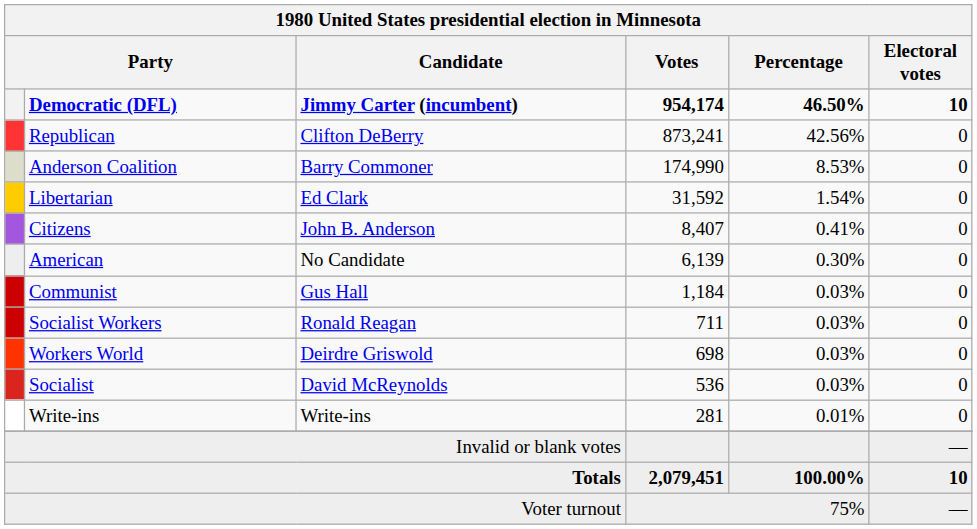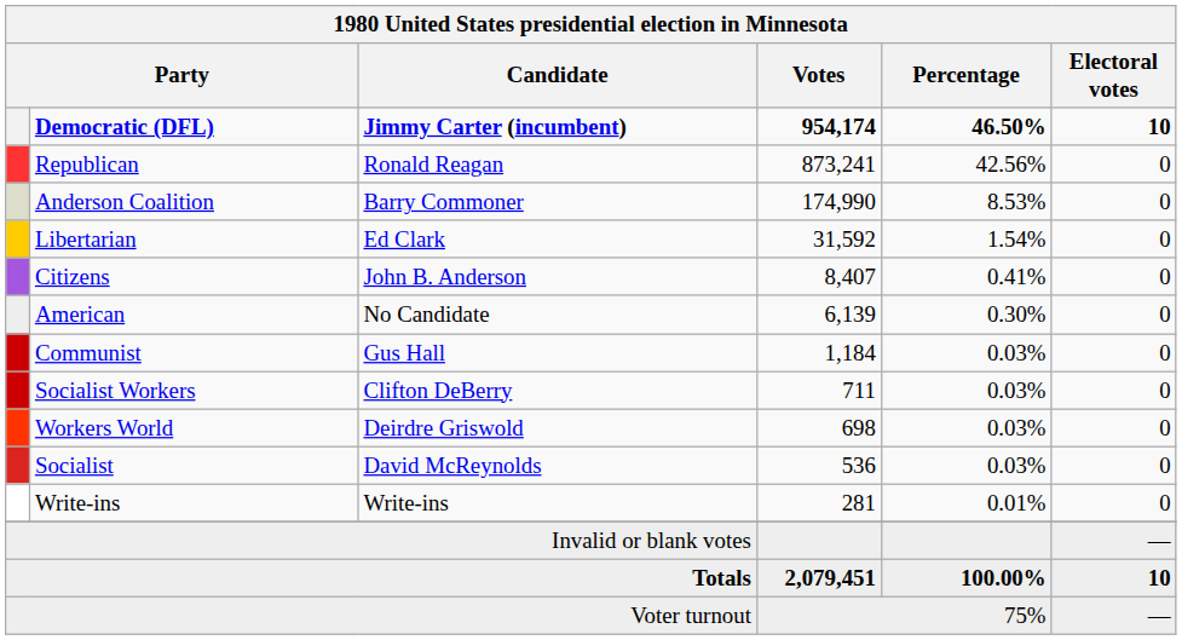 <table class="wikitable" style="font-size: 95%;">
 <tr>
 <th colspan="6">1980 United States presidential election in Minnesota</th>
 </tr>
 <tr>
 <th colspan="2" style="width: 15em">Party</th>
 <th style="width: 17em">Candidate</th>
 <th style="width: 5em">Votes</th>
 <th style="width: 7em">Percentage</th>
 <th style="width: 5em">Electoral votes</th>
 </tr>
 <tr>
 <th style="background-color:"></th>
 <td style="width: 130px"><strong><a href='#'>Democratic (DFL)</a></strong></td>
 <td><strong><a href='#'>Jimmy Carter</a> (<a href='#'>incumbent</a>)</strong></td>
 <td align="right"><strong>954,174</strong></td>
 <td align="right"><strong>46.50%</strong></td>
 <td align="right"><strong>10</strong></td>
 </tr>
 <tr>
 <th style="background-color:#FF3333; width: 3px"></th>
 <td style="width: 130px"><a href='#'>Republican</a></td>
-<td><a href='#'>Clifton DeBerry</a></td>
+<td><a href='#'>Ronald Reagan</a></td>
 <td align="right">873,241</td>
 <td align="right">42.56%</td>
 <td align="right">0</td>
 </tr>
 <tr>
 <th style="background-color:#DDDDCC; width: 3px"></th>
 <td style="width: 130px"><a href='#'>Anderson Coalition</a></td>
 <td><a href='#'>Barry Commoner</a></td>
 <td align="right">174,990</td>
 <td align="right">8.53%</td>
 <td align="right">0</td>
 </tr>
 <tr>
 <th style="background-color:#FFCC00; width: 3px"></th>
 <td style="width: 130px"><a href='#'>Libertarian</a></td>
 <td><a href='#'>Ed Clark</a></td>
 <td align="right">31,592</td>
 <td align="right">1.54%</td>
 <td align="right">0</td>
 </tr>
 <tr>
 <th style="background-color:#A356DE; width: 3px"></th>
 <td style="width: 130px"><a href='#'>Citizens</a></td>
 <td><a href='#'>John B. Anderson</a></td>
 <td align="right">8,407</td>
 <td align="right">0.41%</td>
 <td align="right">0</td>
 </tr>
 <tr>
 <th style="background-color:#EEEEEE; width: 3px"></th>
 <td style="width: 130px"><a href='#'>American</a></td>
 <td>No Candidate</td>
 <td align="right">6,139</td>
 <td align="right">0.30%</td>
 <td align="right">0</td>
 </tr>
 <tr>
 <th style="background-color:#CC0000; width: 3px"></th>
 <td style="width: 130px"><a href='#'>Communist</a></td>
 <td><a href='#'>Gus Hall</a></td>
 <td align="right">1,184</td>
 <td align="right">0.03%</td>
 <td align="right">0</td>
 </tr>
 <tr>
 <th style="background-color:#CC0000; width: 3px"></th>
 <td style="width: 130px"><a href='#'>Socialist Workers</a></td>
-<td><a href='#'>Ronald Reagan</a></td>
+<td><a href='#'>Clifton DeBerry</a></td>
 <td align="right">711</td>
 <td align="right">0.03%</td>
 <td align="right">0</td>
 </tr>
 <tr>
 <th style="background-color:#FF3300; width: 3px"></th>
 <td style="width: 130px"><a href='#'>Workers World</a></td>
 <td><a href='#'>Deirdre Griswold</a></td>
 <td align="right">698</td>
 <td align="right">0.03%</td>
 <td align="right">0</td>
 </tr>
 <tr>
 <th style="background-color:#DC241f; width: 3px"></th>
 <td style="width: 130px"><a href='#'>Socialist</a></td>
 <td><a href='#'>David McReynolds</a></td>
 <td align="right">536</td>
 <td align="right">0.03%</td>
 <td align="right">0</td>
 </tr>
 <tr>
 <th style="background-color:#FFFFFF; width: 3px"></th>
 <td style="width: 130px">Write-ins</td>
 <td>Write-ins</td>
 <td align="right">281</td>
 <td align="right">0.01%</td>
 <td align="right">0</td>
 </tr>
 <tr>
 </tr>
 <tr bgcolor="#EEEEEE">
 <td colspan="3" align="right">Invalid or blank votes</td>
 <td align="right"></td>
 <td align="right"></td>
 <td align="right">—</td>
 </tr>
 <tr bgcolor="#EEEEEE">
 <td colspan="3" align="right"><strong>Totals</strong></td>
 <td align="right"><strong>2,079,451</strong></td>
 <td align="right"><strong>100.00%</strong></td>
 <td align="right"><strong>10</strong></td>
 </tr>
 <tr bgcolor="#EEEEEE">
 <td colspan="3" align="right">Voter turnout</td>
 <td colspan="2" align="right">75%</td>
 <td align="right">—</td>
 </tr>
 </table>
